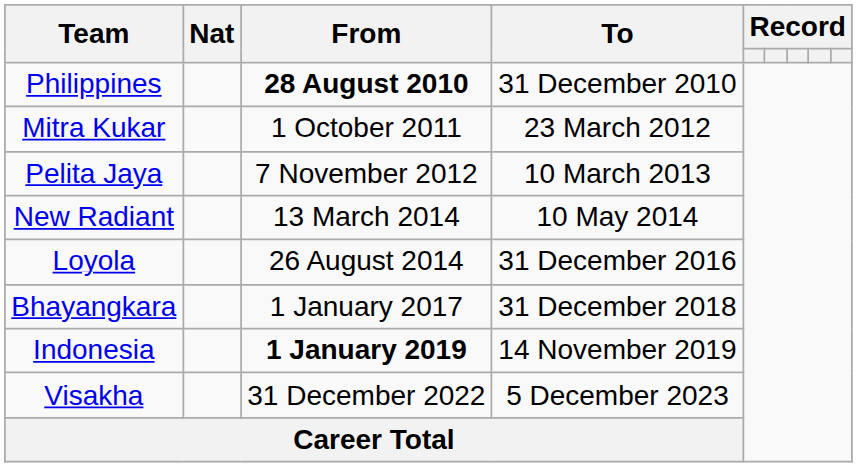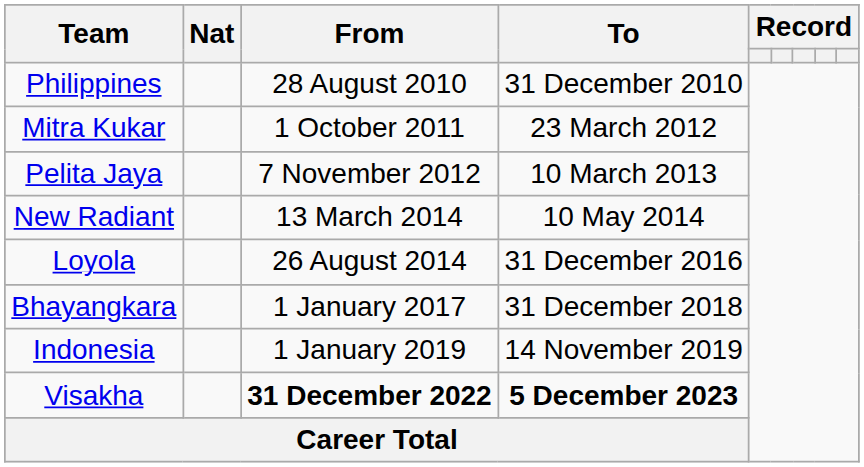 <table class="wikitable" style="text-align:center">
 <tr>
 <th rowspan="2">Team</th>
 <th rowspan="2">Nat</th>
 <th rowspan="2">From</th>
 <th rowspan="2">To</th>
 <th colspan="5">Record</th>
 </tr>
 <tr>
 <th></th>
 <th></th>
 <th></th>
 <th></th>
 <th></th>
 </tr>
 <tr>
 <td><a href='#'>Philippines</a></td>
 <td></td>
-<td><strong>28 August 2010</strong></td>
+<td>28 August 2010</td>
 <td>31 December 2010<br></td>
 </tr>
 <tr>
 <td><a href='#'>Mitra Kukar</a></td>
 <td></td>
 <td>1 October 2011</td>
 <td>23 March 2012<br></td>
 </tr>
 <tr>
 <td><a href='#'>Pelita Jaya</a></td>
 <td></td>
 <td>7 November 2012</td>
 <td>10 March 2013<br></td>
 </tr>
 <tr>
 <td><a href='#'>New Radiant</a></td>
 <td></td>
 <td>13 March 2014</td>
 <td>10 May 2014<br></td>
 </tr>
 <tr>
 <td><a href='#'>Loyola</a></td>
 <td></td>
 <td>26 August 2014</td>
 <td>31 December 2016<br></td>
 </tr>
 <tr>
 <td><a href='#'>Bhayangkara</a></td>
 <td></td>
 <td>1 January 2017</td>
 <td>31 December 2018<br></td>
 </tr>
 <tr>
 <td><a href='#'>Indonesia</a></td>
 <td></td>
-<td><strong>1 January 2019</strong></td>
+<td>1 January 2019</td>
 <td>14 November 2019<br></td>
 </tr>
 <tr>
 <td><a href='#'>Visakha</a></td>
 <td></td>
-<td>31 December 2022</td>
-<td>5 December 2023<br></td>
+<td><strong>31 December 2022</strong></td>
+<td><strong>5 December 2023<br></strong></td>
 </tr>
 <tr>
 <th colspan="4">Career Total<br></th>
 </tr>
 </table>
